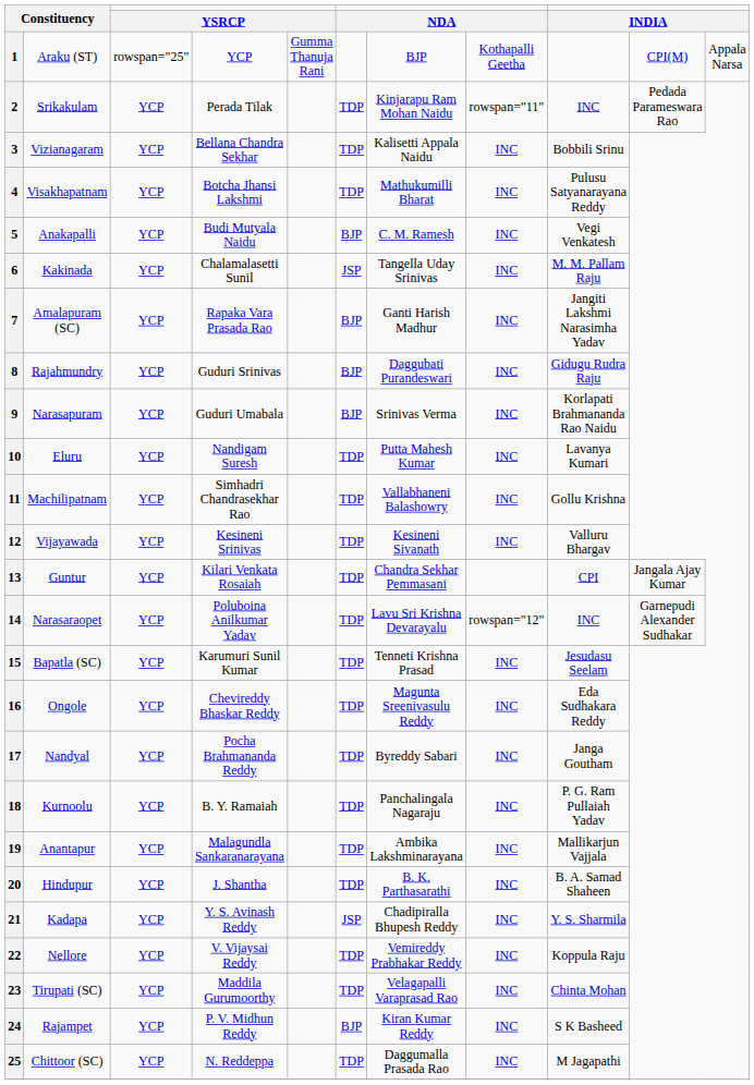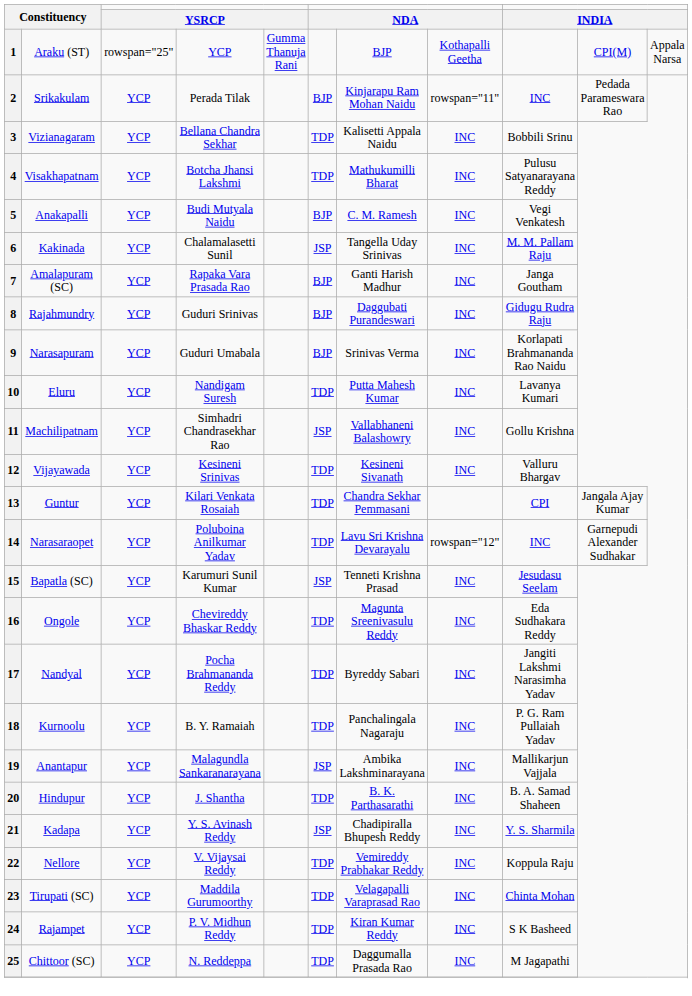 <table class="wikitable sortable" style="text-align:center;">
 <tr>
 <th colspan="2" rowspan="2">Constituency</th>
 <td colspan="3" bgcolor=></td>
 <td colspan="3"></td>
 <td colspan="3" bgcolor=></td>
 </tr>
 <tr>
 <th colspan="3"><a href='#'>YSRCP</a></th>
 <th colspan="3"><a href='#'>NDA</a></th>
 <th colspan="3"><a href='#'>INDIA</a></th>
 </tr>
 <tr>
 <th>1</th>
 <td><a href='#'>Araku</a> (ST)</td>
 <td>rowspan="25" </td>
 <td><a href='#'>YCP</a></td>
 <td><a href='#'>Gumma Thanuja Rani</a></td>
 <td></td>
 <td><a href='#'>BJP</a></td>
 <td><a href='#'>Kothapalli Geetha</a></td>
 <td></td>
 <td><a href='#'>CPI(M)</a></td>
 <td>Appala Narsa</td>
 </tr>
 <tr>
 <th>2</th>
 <td><a href='#'>Srikakulam</a></td>
 <td><a href='#'>YCP</a></td>
 <td>Perada Tilak</td>
 <td></td>
-<td><a href='#'>TDP</a></td>
+<td><a href='#'>BJP</a></td>
 <td><a href='#'>Kinjarapu Ram Mohan Naidu</a></td>
 <td>rowspan="11" </td>
 <td><a href='#'>INC</a></td>
 <td>Pedada Parameswara Rao</td>
 </tr>
 <tr>
 <th>3</th>
 <td><a href='#'>Vizianagaram</a></td>
 <td><a href='#'>YCP</a></td>
 <td><a href='#'>Bellana Chandra Sekhar</a></td>
 <td></td>
 <td><a href='#'>TDP</a></td>
 <td>Kalisetti Appala Naidu</td>
 <td><a href='#'>INC</a></td>
 <td>Bobbili Srinu</td>
 </tr>
 <tr>
 <th>4</th>
 <td><a href='#'>Visakhapatnam</a></td>
 <td><a href='#'>YCP</a></td>
 <td><a href='#'>Botcha Jhansi Lakshmi</a></td>
 <td></td>
 <td><a href='#'>TDP</a></td>
 <td><a href='#'>Mathukumilli Bharat</a></td>
 <td><a href='#'>INC</a></td>
 <td>Pulusu Satyanarayana Reddy</td>
 </tr>
 <tr>
 <th>5</th>
 <td><a href='#'>Anakapalli</a></td>
 <td><a href='#'>YCP</a></td>
 <td><a href='#'>Budi Mutyala Naidu</a></td>
 <td></td>
 <td><a href='#'>BJP</a></td>
 <td><a href='#'>C. M. Ramesh</a></td>
 <td><a href='#'>INC</a></td>
 <td>Vegi Venkatesh</td>
 </tr>
 <tr>
 <th>6</th>
 <td><a href='#'>Kakinada</a></td>
 <td><a href='#'>YCP</a></td>
 <td>Chalamalasetti Sunil</td>
 <td></td>
 <td><a href='#'>JSP</a></td>
 <td>Tangella Uday Srinivas</td>
 <td><a href='#'>INC</a></td>
 <td><a href='#'>M. M. Pallam Raju</a></td>
 </tr>
 <tr>
 <th>7</th>
 <td><a href='#'>Amalapuram</a> (SC)</td>
 <td><a href='#'>YCP</a></td>
 <td><a href='#'>Rapaka Vara Prasada Rao</a></td>
 <td></td>
 <td><a href='#'>BJP</a></td>
 <td>Ganti Harish Madhur</td>
 <td><a href='#'>INC</a></td>
-<td>Jangiti Lakshmi Narasimha Yadav</td>
+<td>Janga Goutham</td>
 </tr>
 <tr>
 <th>8</th>
 <td><a href='#'>Rajahmundry</a></td>
 <td><a href='#'>YCP</a></td>
 <td>Guduri Srinivas</td>
 <td></td>
 <td><a href='#'>BJP</a></td>
 <td><a href='#'>Daggubati Purandeswari</a></td>
 <td><a href='#'>INC</a></td>
 <td><a href='#'>Gidugu Rudra Raju</a></td>
 </tr>
 <tr>
 <th>9</th>
 <td><a href='#'>Narasapuram</a></td>
 <td><a href='#'>YCP</a></td>
 <td>Guduri Umabala</td>
 <td></td>
 <td><a href='#'>BJP</a></td>
 <td>Srinivas Verma</td>
 <td><a href='#'>INC</a></td>
 <td>Korlapati Brahmananda Rao Naidu</td>
 </tr>
 <tr>
 <th>10</th>
 <td><a href='#'>Eluru</a></td>
 <td><a href='#'>YCP</a></td>
 <td><a href='#'>Nandigam Suresh</a></td>
 <td></td>
 <td><a href='#'>TDP</a></td>
 <td><a href='#'>Putta Mahesh Kumar</a></td>
 <td><a href='#'>INC</a></td>
 <td>Lavanya Kumari</td>
 </tr>
 <tr>
 <th>11</th>
 <td><a href='#'>Machilipatnam</a></td>
 <td><a href='#'>YCP</a></td>
 <td>Simhadri Chandrasekhar Rao</td>
 <td></td>
-<td><a href='#'>TDP</a></td>
+<td><a href='#'>JSP</a></td>
 <td><a href='#'>Vallabhaneni Balashowry</a></td>
 <td><a href='#'>INC</a></td>
 <td>Gollu Krishna</td>
 </tr>
 <tr>
 <th>12</th>
 <td><a href='#'>Vijayawada</a></td>
 <td><a href='#'>YCP</a></td>
 <td><a href='#'>Kesineni Srinivas</a></td>
 <td></td>
 <td><a href='#'>TDP</a></td>
 <td><a href='#'>Kesineni Sivanath</a></td>
 <td><a href='#'>INC</a></td>
 <td>Valluru Bhargav</td>
 </tr>
 <tr>
 <th>13</th>
 <td><a href='#'>Guntur</a></td>
 <td><a href='#'>YCP</a></td>
 <td><a href='#'>Kilari Venkata Rosaiah</a></td>
 <td></td>
 <td><a href='#'>TDP</a></td>
 <td><a href='#'>Chandra Sekhar Pemmasani</a></td>
 <td></td>
 <td><a href='#'>CPI</a></td>
 <td>Jangala Ajay Kumar</td>
 </tr>
 <tr>
 <th>14</th>
 <td><a href='#'>Narasaraopet</a></td>
 <td><a href='#'>YCP</a></td>
 <td><a href='#'>Poluboina Anilkumar Yadav</a></td>
 <td></td>
 <td><a href='#'>TDP</a></td>
 <td><a href='#'>Lavu Sri Krishna Devarayalu</a></td>
 <td>rowspan="12" </td>
 <td><a href='#'>INC</a></td>
 <td>Garnepudi Alexander Sudhakar</td>
 </tr>
 <tr>
 <th>15</th>
 <td><a href='#'>Bapatla</a> (SC)</td>
 <td><a href='#'>YCP</a></td>
 <td>Karumuri Sunil Kumar</td>
 <td></td>
-<td><a href='#'>TDP</a></td>
+<td><a href='#'>JSP</a></td>
 <td>Tenneti Krishna Prasad</td>
 <td><a href='#'>INC</a></td>
 <td><a href='#'>Jesudasu Seelam</a></td>
 </tr>
 <tr>
 <th>16</th>
 <td><a href='#'>Ongole</a></td>
 <td><a href='#'>YCP</a></td>
 <td><a href='#'>Chevireddy Bhaskar Reddy</a></td>
 <td></td>
 <td><a href='#'>TDP</a></td>
 <td><a href='#'>Magunta Sreenivasulu Reddy</a></td>
 <td><a href='#'>INC</a></td>
 <td>Eda Sudhakara Reddy</td>
 </tr>
 <tr>
 <th>17</th>
 <td><a href='#'>Nandyal</a></td>
 <td><a href='#'>YCP</a></td>
 <td><a href='#'>Pocha Brahmananda Reddy</a></td>
 <td></td>
 <td><a href='#'>TDP</a></td>
 <td>Byreddy Sabari</td>
 <td><a href='#'>INC</a></td>
-<td>Janga Goutham</td>
+<td>Jangiti Lakshmi Narasimha Yadav</td>
 </tr>
 <tr>
 <th>18</th>
 <td><a href='#'>Kurnoolu</a></td>
 <td><a href='#'>YCP</a></td>
 <td>B. Y. Ramaiah</td>
 <td></td>
 <td><a href='#'>TDP</a></td>
 <td>Panchalingala Nagaraju</td>
 <td><a href='#'>INC</a></td>
 <td>P. G. Ram Pullaiah Yadav</td>
 </tr>
 <tr>
 <th>19</th>
 <td><a href='#'>Anantapur</a></td>
 <td><a href='#'>YCP</a></td>
 <td><a href='#'>Malagundla Sankaranarayana</a></td>
 <td></td>
-<td><a href='#'>TDP</a></td>
+<td><a href='#'>JSP</a></td>
 <td>Ambika Lakshminarayana</td>
 <td><a href='#'>INC</a></td>
 <td>Mallikarjun Vajjala</td>
 </tr>
 <tr>
 <th>20</th>
 <td><a href='#'>Hindupur</a></td>
 <td><a href='#'>YCP</a></td>
 <td><a href='#'>J. Shantha</a></td>
 <td></td>
 <td><a href='#'>TDP</a></td>
 <td><a href='#'>B. K. Parthasarathi</a></td>
 <td><a href='#'>INC</a></td>
 <td>B. A. Samad Shaheen</td>
 </tr>
 <tr>
 <th>21</th>
 <td><a href='#'>Kadapa</a></td>
 <td><a href='#'>YCP</a></td>
 <td><a href='#'>Y. S. Avinash Reddy</a></td>
 <td></td>
 <td><a href='#'>JSP</a></td>
 <td>Chadipiralla Bhupesh Reddy</td>
 <td><a href='#'>INC</a></td>
 <td><a href='#'>Y. S. Sharmila</a></td>
 </tr>
 <tr>
 <th>22</th>
 <td><a href='#'>Nellore</a></td>
 <td><a href='#'>YCP</a></td>
 <td><a href='#'>V. Vijaysai Reddy</a></td>
 <td></td>
 <td><a href='#'>TDP</a></td>
 <td><a href='#'>Vemireddy Prabhakar Reddy</a></td>
 <td><a href='#'>INC</a></td>
 <td>Koppula Raju</td>
 </tr>
 <tr>
 <th>23</th>
 <td><a href='#'>Tirupati</a> (SC)</td>
 <td><a href='#'>YCP</a></td>
 <td><a href='#'>Maddila Gurumoorthy</a></td>
 <td></td>
 <td><a href='#'>TDP</a></td>
 <td><a href='#'>Velagapalli Varaprasad Rao</a></td>
 <td><a href='#'>INC</a></td>
 <td><a href='#'>Chinta Mohan</a></td>
 </tr>
 <tr>
 <th>24</th>
 <td><a href='#'>Rajampet</a></td>
 <td><a href='#'>YCP</a></td>
 <td><a href='#'>P. V. Midhun Reddy</a></td>
 <td></td>
-<td><a href='#'>BJP</a></td>
+<td><a href='#'>TDP</a></td>
 <td><a href='#'>Kiran Kumar Reddy</a></td>
 <td><a href='#'>INC</a></td>
 <td>S K Basheed</td>
 </tr>
 <tr>
 <th>25</th>
 <td><a href='#'>Chittoor</a> (SC)</td>
 <td><a href='#'>YCP</a></td>
 <td><a href='#'>N. Reddeppa</a></td>
 <td></td>
 <td><a href='#'>TDP</a></td>
 <td>Daggumalla Prasada Rao</td>
 <td><a href='#'>INC</a></td>
 <td>M Jagapathi</td>
 </tr>
 <tr>
 </tr>
 </table>
